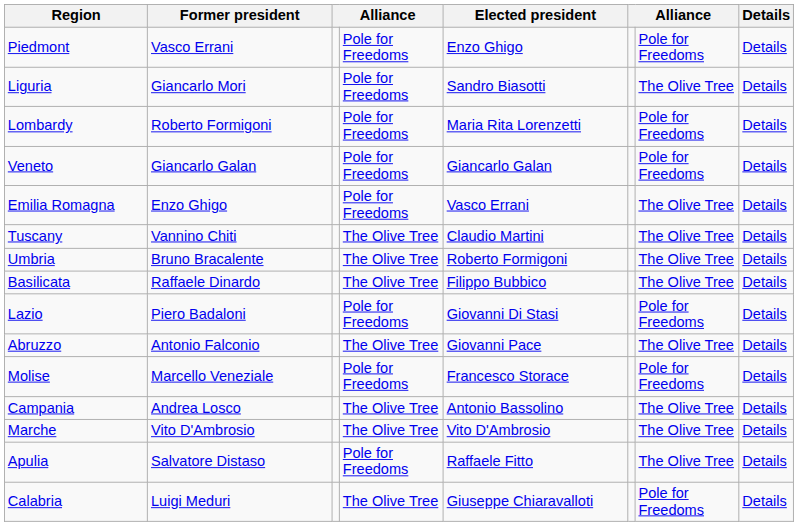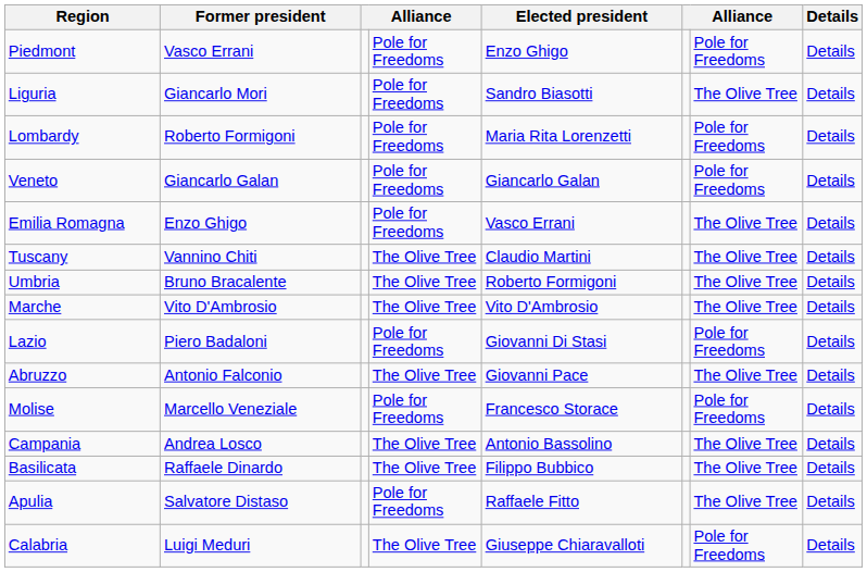 <table class="wikitable" style="valign:top;">
 <tr>
 <th style="width:150px;">Region</th>
 <th style="width:195px;">Former president</th>
 <th colspan=2 style="width:130px;">Alliance</th>
 <th style="width:195px;">Elected president</th>
 <th colspan=2 style="width:130px;">Alliance</th>
 <th>Details</th>
 </tr>
 <tr>
 <td><a href='#'>Piedmont</a></td>
 <td><a href='#'>Vasco Errani</a></td>
 <td width="1"></td>
 <td align="left"><a href='#'>Pole for Freedoms</a></td>
 <td><a href='#'>Enzo Ghigo</a></td>
 <td width="1"></td>
 <td align="left"><a href='#'>Pole for Freedoms</a></td>
 <td><a href='#'>Details</a></td>
 </tr>
 <tr>
 <td><a href='#'>Liguria</a></td>
 <td><a href='#'>Giancarlo Mori</a></td>
 <td width="1"></td>
 <td align="left"><a href='#'>Pole for Freedoms</a></td>
 <td><a href='#'>Sandro Biasotti</a></td>
 <td width="1"></td>
 <td align="left"><a href='#'>The Olive Tree</a></td>
 <td><a href='#'>Details</a></td>
 </tr>
 <tr>
 <td><a href='#'>Lombardy</a></td>
 <td><a href='#'>Roberto Formigoni</a></td>
 <td width="1"></td>
 <td align="left"><a href='#'>Pole for Freedoms</a></td>
 <td><a href='#'>Maria Rita Lorenzetti</a></td>
 <td width="1"></td>
 <td align="left"><a href='#'>Pole for Freedoms</a></td>
 <td><a href='#'>Details</a></td>
 </tr>
 <tr>
 <td><a href='#'>Veneto</a></td>
 <td><a href='#'>Giancarlo Galan</a></td>
 <td width="1"></td>
 <td align="left"><a href='#'>Pole for Freedoms</a></td>
 <td><a href='#'>Giancarlo Galan</a></td>
 <td width="1"></td>
 <td align="left"><a href='#'>Pole for Freedoms</a></td>
 <td><a href='#'>Details</a></td>
 </tr>
 <tr>
 <td><a href='#'>Emilia Romagna</a></td>
 <td><a href='#'>Enzo Ghigo</a></td>
 <td width="1"></td>
 <td align="left"><a href='#'>Pole for Freedoms</a></td>
 <td><a href='#'>Vasco Errani</a></td>
 <td width="1"></td>
 <td align="left"><a href='#'>The Olive Tree</a></td>
 <td><a href='#'>Details</a></td>
 </tr>
 <tr>
 <td><a href='#'>Tuscany</a></td>
 <td><a href='#'>Vannino Chiti</a></td>
 <td width="1"></td>
 <td align="left"><a href='#'>The Olive Tree</a></td>
 <td><a href='#'>Claudio Martini</a></td>
 <td width="1"></td>
 <td align="left"><a href='#'>The Olive Tree</a></td>
 <td><a href='#'>Details</a></td>
 </tr>
 <tr>
 <td><a href='#'>Umbria</a></td>
 <td><a href='#'>Bruno Bracalente</a></td>
 <td width="1"></td>
 <td align="left"><a href='#'>The Olive Tree</a></td>
 <td><a href='#'>Roberto Formigoni</a></td>
 <td width="1"></td>
 <td align="left"><a href='#'>The Olive Tree</a></td>
 <td><a href='#'>Details</a></td>
 </tr>
 <tr>
-<td><a href='#'>Basilicata</a></td>
-<td><a href='#'>Raffaele Dinardo</a></td>
+<td><a href='#'>Marche</a></td>
+<td><a href='#'>Vito D'Ambrosio</a></td>
 <td width="1"></td>
 <td align="left"><a href='#'>The Olive Tree</a></td>
-<td><a href='#'>Filippo Bubbico</a></td>
+<td><a href='#'>Vito D'Ambrosio</a></td>
 <td width="1"></td>
 <td align="left"><a href='#'>The Olive Tree</a></td>
 <td><a href='#'>Details</a></td>
 </tr>
 <tr>
 <td><a href='#'>Lazio</a></td>
 <td><a href='#'>Piero Badaloni</a></td>
 <td width="1"></td>
 <td align="left"><a href='#'>Pole for Freedoms</a></td>
 <td><a href='#'>Giovanni Di Stasi</a></td>
 <td width="1"></td>
 <td align="left"><a href='#'>Pole for Freedoms</a></td>
 <td><a href='#'>Details</a></td>
 </tr>
 <tr>
 <td><a href='#'>Abruzzo</a></td>
 <td><a href='#'>Antonio Falconio</a></td>
 <td width="1"></td>
 <td align="left"><a href='#'>The Olive Tree</a></td>
 <td><a href='#'>Giovanni Pace</a></td>
 <td width="1"></td>
 <td align="left"><a href='#'>The Olive Tree</a></td>
 <td><a href='#'>Details</a></td>
 </tr>
 <tr>
 <td><a href='#'>Molise</a></td>
 <td><a href='#'>Marcello Veneziale</a></td>
 <td width="1"></td>
 <td align="left"><a href='#'>Pole for Freedoms</a></td>
 <td><a href='#'>Francesco Storace</a></td>
 <td width="1"></td>
 <td align="left"><a href='#'>Pole for Freedoms</a></td>
 <td><a href='#'>Details</a></td>
 </tr>
 <tr>
 <td><a href='#'>Campania</a></td>
 <td><a href='#'>Andrea Losco</a></td>
 <td width="1"></td>
 <td align="left"><a href='#'>The Olive Tree</a></td>
 <td><a href='#'>Antonio Bassolino</a></td>
 <td width="1"></td>
 <td align="left"><a href='#'>The Olive Tree</a></td>
 <td><a href='#'>Details</a></td>
 </tr>
 <tr>
-<td><a href='#'>Marche</a></td>
-<td><a href='#'>Vito D'Ambrosio</a></td>
+<td><a href='#'>Basilicata</a></td>
+<td><a href='#'>Raffaele Dinardo</a></td>
 <td width="1"></td>
 <td align="left"><a href='#'>The Olive Tree</a></td>
-<td><a href='#'>Vito D'Ambrosio</a></td>
+<td><a href='#'>Filippo Bubbico</a></td>
 <td width="1"></td>
 <td align="left"><a href='#'>The Olive Tree</a></td>
 <td><a href='#'>Details</a></td>
 </tr>
 <tr>
 <td><a href='#'>Apulia</a></td>
 <td><a href='#'>Salvatore Distaso</a></td>
 <td width="1"></td>
 <td align="left"><a href='#'>Pole for Freedoms</a></td>
 <td><a href='#'>Raffaele Fitto</a></td>
 <td width="1"></td>
 <td align="left"><a href='#'>The Olive Tree</a></td>
 <td><a href='#'>Details</a></td>
 </tr>
 <tr>
 <td><a href='#'>Calabria</a></td>
 <td><a href='#'>Luigi Meduri</a></td>
 <td width="1"></td>
 <td align="left"><a href='#'>The Olive Tree</a></td>
 <td><a href='#'>Giuseppe Chiaravalloti</a></td>
 <td width="1"></td>
 <td align="left"><a href='#'>Pole for Freedoms</a></td>
 <td><a href='#'>Details</a></td>
 </tr>
 </table>
